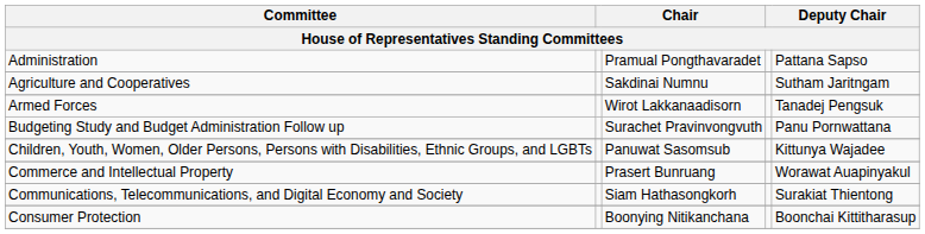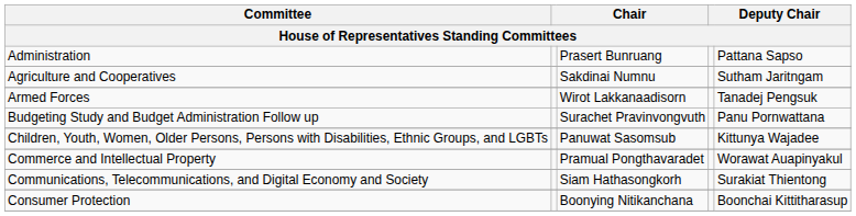 <table class=wikitable>
 <tr>
 <th colspan=1>Committee</th>
 <th colspan=2>Chair</th>
 <th colspan=2>Deputy Chair</th>
 </tr>
 <tr>
 <th colspan=5>House of Representatives Standing Committees</th>
 </tr>
 <tr>
 <td>Administration</td>
 <td style="background-color:"></td>
-<td>Pramual Pongthavaradet</td>
+<td>Prasert Bunruang</td>
 <td style="background-color:"></td>
 <td>Pattana Sapso</td>
 </tr>
 <tr>
 </tr>
 <tr>
 <td>Agriculture and Cooperatives</td>
 <td style="background-color:"></td>
 <td>Sakdinai Numnu</td>
 <td style="background-color:"></td>
 <td>Sutham Jaritngam</td>
 </tr>
 <tr>
 </tr>
 <tr>
 <td>Armed Forces</td>
 <td style="background-color:"></td>
 <td>Wirot Lakkanaadisorn</td>
 <td style="background-color:"></td>
 <td>Tanadej Pengsuk</td>
 </tr>
 <tr>
 <td>Budgeting Study and Budget Administration Follow up</td>
 <td style="background-color:"></td>
 <td>Surachet Pravinvongvuth</td>
 <td style="background-color:"></td>
 <td>Panu Pornwattana</td>
 </tr>
 <tr>
 </tr>
 <tr>
 <td>Children, Youth, Women, Older Persons, Persons with Disabilities, Ethnic Groups, and LGBTs</td>
 <td style="background-color:"></td>
 <td>Panuwat Sasomsub</td>
 <td style="background-color:"></td>
 <td>Kittunya Wajadee</td>
 </tr>
 <tr>
 </tr>
 <tr>
 <td>Commerce and Intellectual Property</td>
 <td style="background-color:"></td>
-<td>Prasert Bunruang</td>
+<td>Pramual Pongthavaradet</td>
 <td style="background-color:"></td>
 <td>Worawat Auapinyakul</td>
 </tr>
 <tr>
 </tr>
 <tr>
 <td>Communications, Telecommunications, and Digital Economy and Society</td>
 <td style="background-color:"></td>
 <td>Siam Hathasongkorh</td>
 <td style="background-color:"></td>
 <td>Surakiat Thientong</td>
 </tr>
 <tr>
 </tr>
 <tr>
 <td>Consumer Protection</td>
 <td style="background-color:"></td>
 <td>Boonying Nitikanchana</td>
 <td style="background-color:"></td>
 <td>Boonchai Kittitharasup</td>
 </tr>
 <tr>
 </tr>
 </table>
